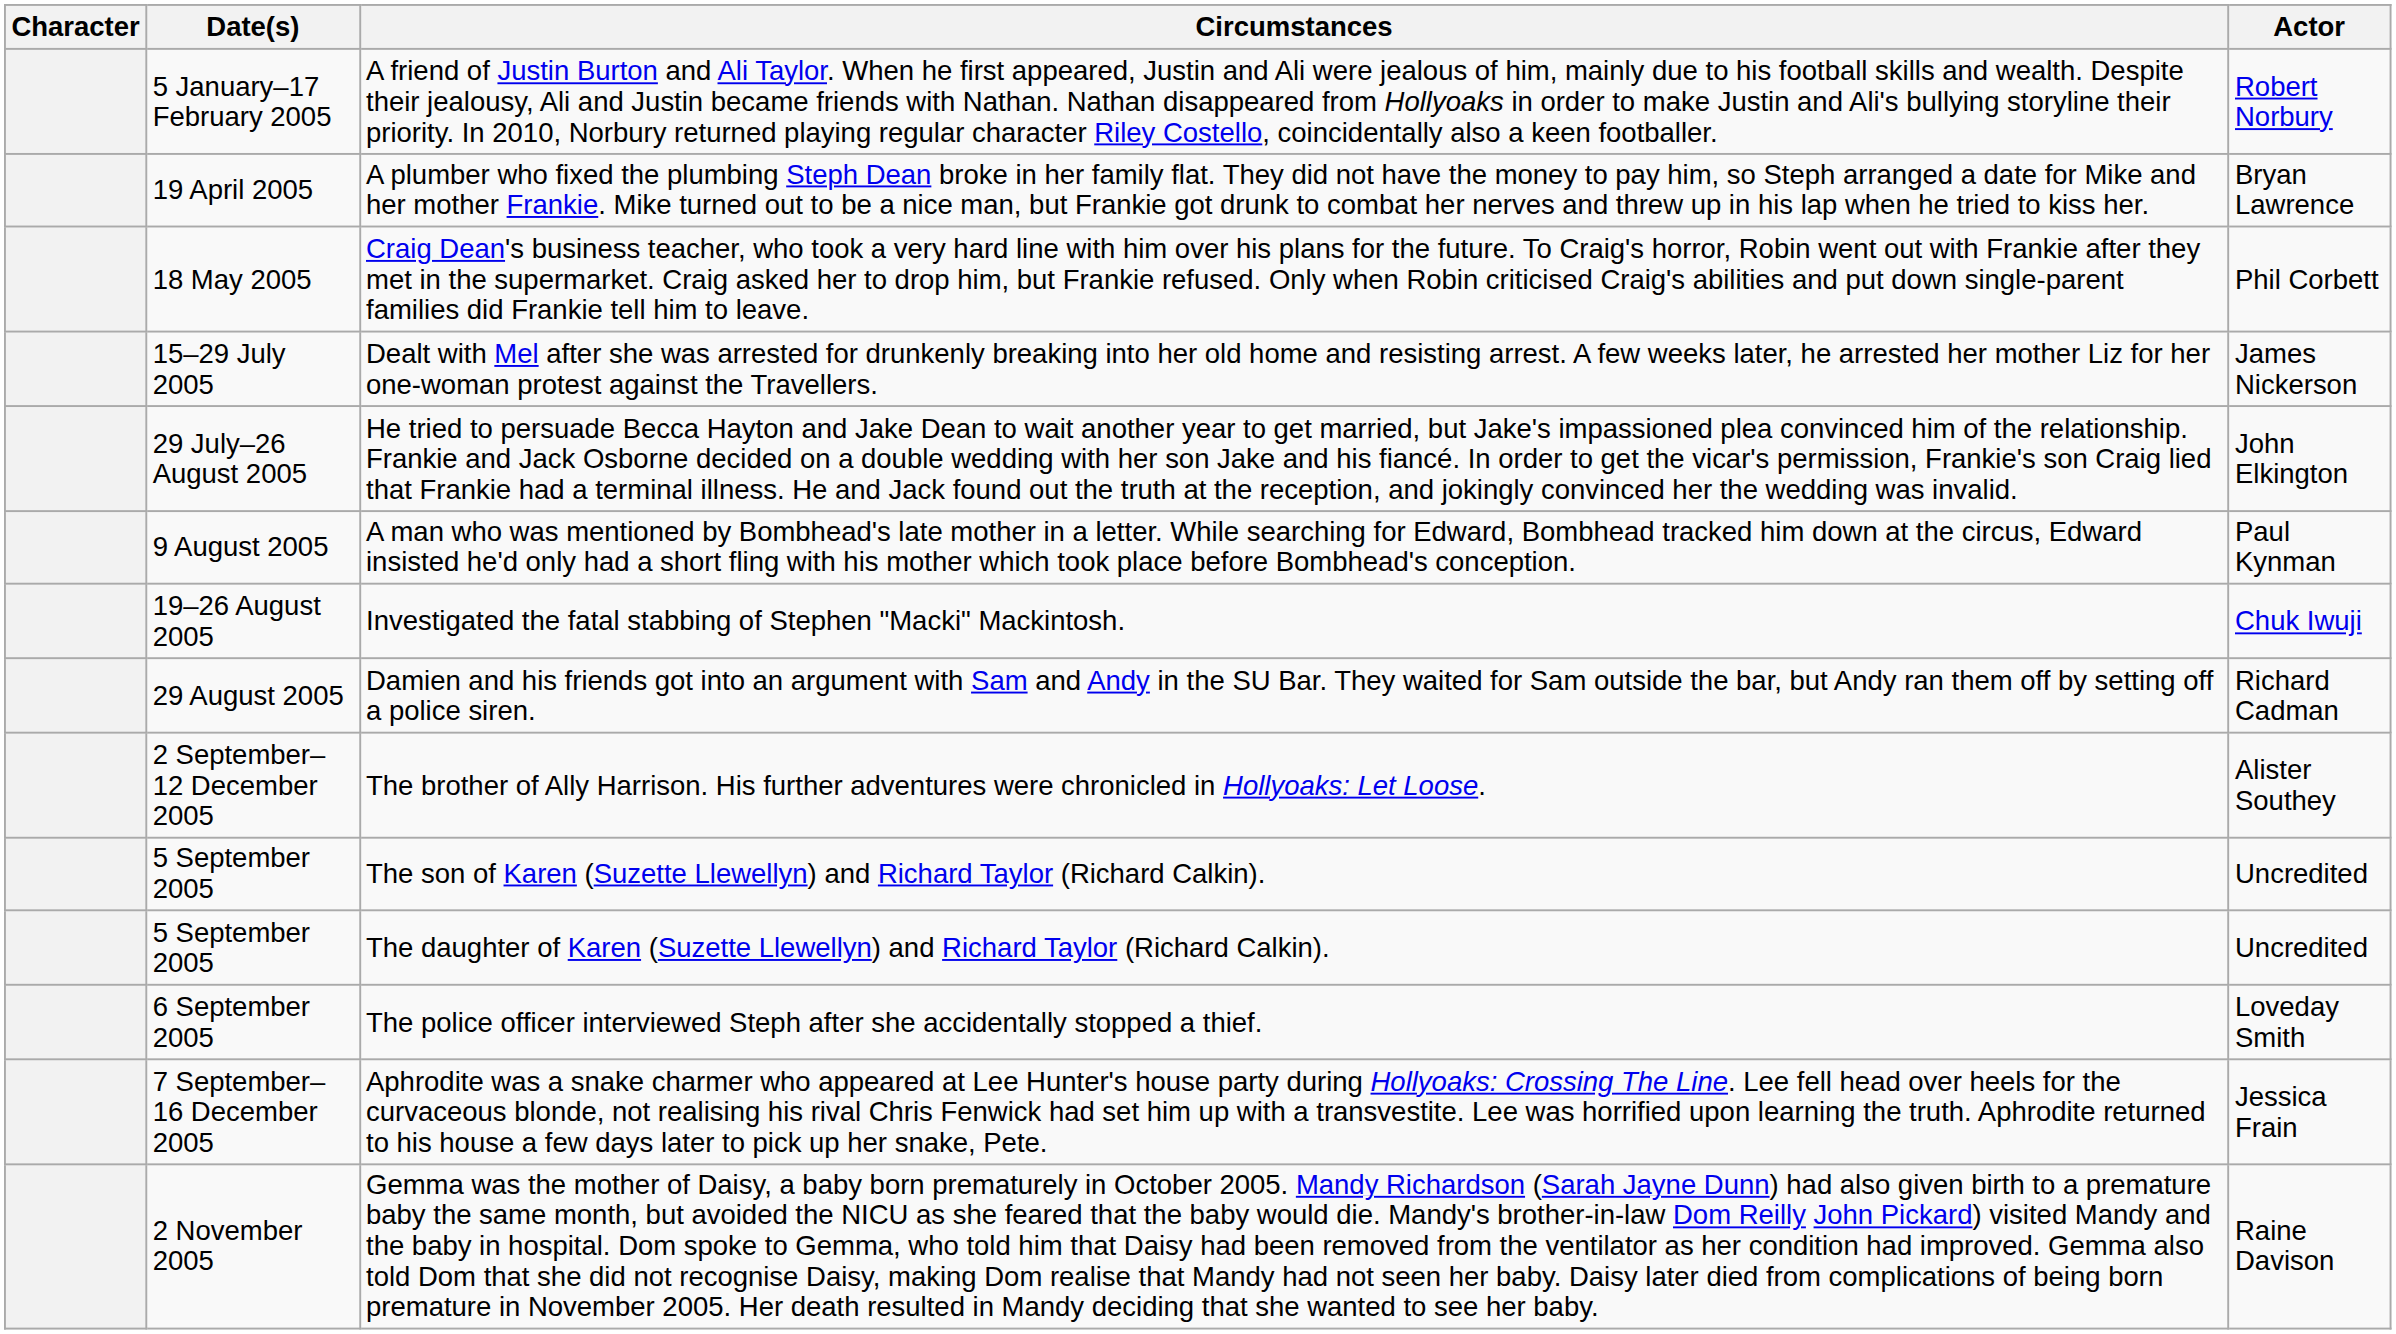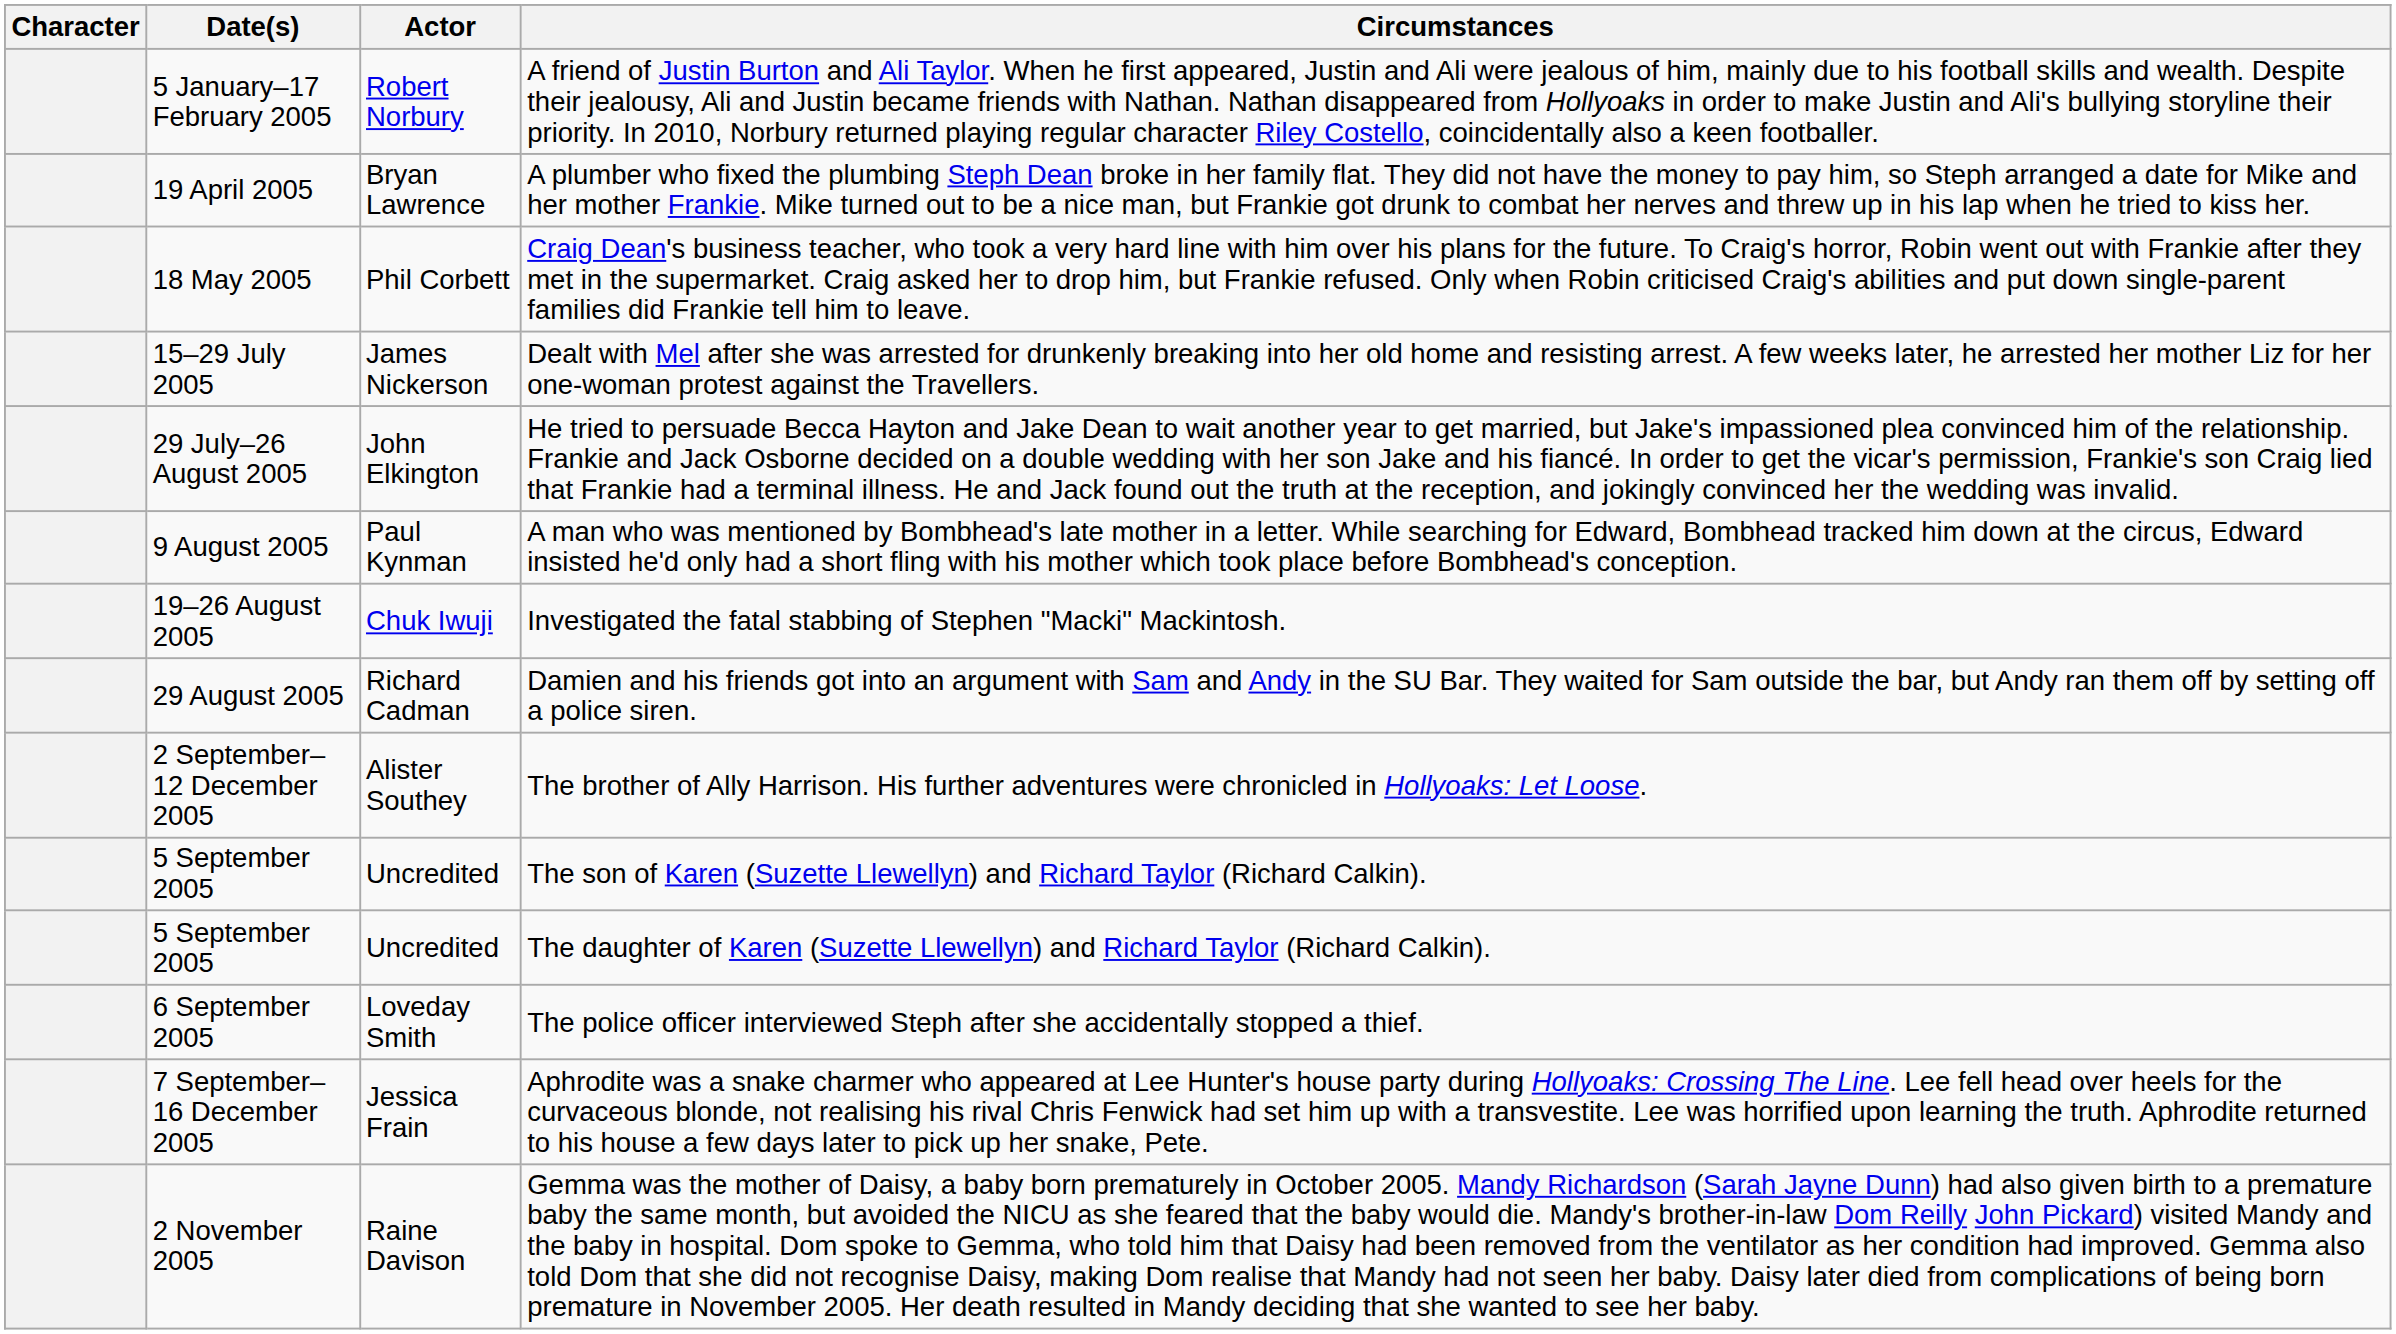 <table class="wikitable plainrowheaders" style="font-size:90%">
 <tr>
 <th scope="col">Character</th>
 <th scope="col">Date(s)</th>
+<th scope="col">Actor</th>
 <th scope="col">Circumstances</th>
-<th scope="col">Actor</th>
 </tr>
 <tr>
 <th scope="row"></th>
 <td>5 January–17 February 2005</td>
+<td><a href='#'>Robert Norbury</a></td>
 <td>A friend of <a href='#'>Justin Burton</a> and <a href='#'>Ali Taylor</a>. When he first appeared, Justin and Ali were jealous of him, mainly due to his football skills and wealth. Despite their jealousy, Ali and Justin became friends with Nathan. Nathan disappeared from <em>Hollyoaks</em> in order to make Justin and Ali's bullying storyline their priority. In 2010, Norbury returned playing regular character <a href='#'>Riley Costello</a>, coincidentally also a keen footballer.</td>
-<td><a href='#'>Robert Norbury</a></td>
 </tr>
 <tr>
 <th scope="row"></th>
 <td>19 April 2005</td>
+<td>Bryan Lawrence</td>
 <td>A plumber who fixed the plumbing <a href='#'>Steph Dean</a> broke in her family flat. They did not have the money to pay him, so Steph arranged a date for Mike and her mother <a href='#'>Frankie</a>. Mike turned out to be a nice man, but Frankie got drunk to combat her nerves and threw up in his lap when he tried to kiss her.</td>
-<td>Bryan Lawrence</td>
 </tr>
 <tr>
 <th scope="row"></th>
 <td>18 May 2005</td>
+<td>Phil Corbett</td>
 <td><a href='#'>Craig Dean</a>'s business teacher, who took a very hard line with him over his plans for the future. To Craig's horror, Robin went out with Frankie after they met in the supermarket. Craig asked her to drop him, but Frankie refused. Only when Robin criticised Craig's abilities and put down single-parent families did Frankie tell him to leave.</td>
-<td>Phil Corbett</td>
 </tr>
 <tr>
 <th scope="row"></th>
 <td>15–29 July 2005</td>
+<td>James Nickerson</td>
 <td>Dealt with <a href='#'>Mel</a> after she was arrested for drunkenly breaking into her old home and resisting arrest. A few weeks later, he arrested her mother Liz for her one-woman protest against the Travellers.</td>
-<td>James Nickerson</td>
 </tr>
 <tr>
 <th scope="row"></th>
 <td>29 July–26 August 2005</td>
+<td>John Elkington</td>
 <td>He tried to persuade Becca Hayton and Jake Dean to wait another year to get married, but Jake's impassioned plea convinced him of the relationship. Frankie and Jack Osborne decided on a double wedding with her son Jake and his fiancé. In order to get the vicar's permission, Frankie's son Craig lied that Frankie had a terminal illness. He and Jack found out the truth at the reception, and jokingly convinced her the wedding was invalid.</td>
-<td>John Elkington</td>
 </tr>
 <tr>
 <th scope="row"></th>
 <td>9 August 2005</td>
+<td>Paul Kynman</td>
 <td>A man who was mentioned by Bombhead's late mother in a letter. While searching for Edward, Bombhead tracked him down at the circus, Edward insisted he'd only had a short fling with his mother which took place before Bombhead's conception.</td>
-<td>Paul Kynman</td>
 </tr>
 <tr>
 <th scope="row"></th>
 <td>19–26 August 2005</td>
+<td><a href='#'>Chuk Iwuji</a></td>
 <td>Investigated the fatal stabbing of Stephen "Macki" Mackintosh.</td>
-<td><a href='#'>Chuk Iwuji</a></td>
 </tr>
 <tr>
 <th scope="row"></th>
 <td>29 August 2005</td>
+<td>Richard Cadman</td>
 <td>Damien and his friends got into an argument with <a href='#'>Sam</a> and <a href='#'>Andy</a> in the SU Bar. They waited for Sam outside the bar, but Andy ran them off by setting off a police siren.</td>
-<td>Richard Cadman</td>
 </tr>
 <tr>
 <th scope="row"></th>
 <td>2 September–12 December 2005</td>
+<td>Alister Southey</td>
 <td>The brother of Ally Harrison. His further adventures were chronicled in <em><a href='#'>Hollyoaks: Let Loose</a></em>.</td>
-<td>Alister Southey</td>
 </tr>
 <tr>
 <th scope="row"></th>
 <td>5 September 2005</td>
+<td>Uncredited</td>
 <td>The son of <a href='#'>Karen</a> (<a href='#'>Suzette Llewellyn</a>) and <a href='#'>Richard Taylor</a> (Richard Calkin).</td>
-<td>Uncredited</td>
 </tr>
 <tr>
 <th scope="row"></th>
 <td>5 September 2005</td>
+<td>Uncredited</td>
 <td>The daughter of <a href='#'>Karen</a> (<a href='#'>Suzette Llewellyn</a>) and <a href='#'>Richard Taylor</a> (Richard Calkin).</td>
-<td>Uncredited</td>
 </tr>
 <tr>
 <th scope="row"></th>
 <td>6 September 2005</td>
+<td>Loveday Smith</td>
 <td>The police officer interviewed Steph after she accidentally stopped a thief.</td>
-<td>Loveday Smith</td>
 </tr>
 <tr>
 <th scope="row"></th>
 <td>7 September–16 December 2005</td>
+<td>Jessica Frain</td>
 <td>Aphrodite was a snake charmer who appeared at Lee Hunter's house party during <em><a href='#'>Hollyoaks: Crossing The Line</a></em>. Lee fell head over heels for the curvaceous blonde, not realising his rival Chris Fenwick had set him up with a transvestite. Lee was horrified upon learning the truth. Aphrodite returned to his house a few days later to pick up her snake, Pete.</td>
-<td>Jessica Frain</td>
 </tr>
 <tr>
 <th scope="row"></th>
 <td>2 November 2005</td>
+<td>Raine Davison</td>
 <td>Gemma was the mother of Daisy, a baby born prematurely in October 2005. <a href='#'>Mandy Richardson</a> (<a href='#'>Sarah Jayne Dunn</a>) had also given birth to a premature baby the same month, but avoided the NICU as she feared that the baby would die. Mandy's brother-in-law <a href='#'>Dom Reilly</a> <a href='#'>John Pickard</a>) visited Mandy and the baby in hospital. Dom spoke to Gemma, who told him that Daisy had been removed from the ventilator as her condition had improved. Gemma also told Dom that she did not recognise Daisy, making Dom realise that Mandy had not seen her baby. Daisy later died from complications of being born premature in November 2005. Her death resulted in Mandy deciding that she wanted to see her baby.</td>
-<td>Raine Davison</td>
 </tr>
 </table>
